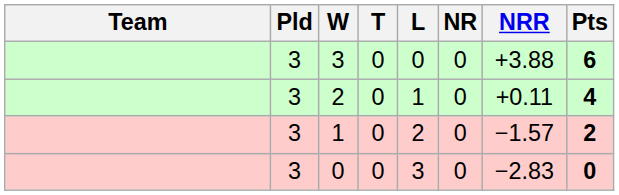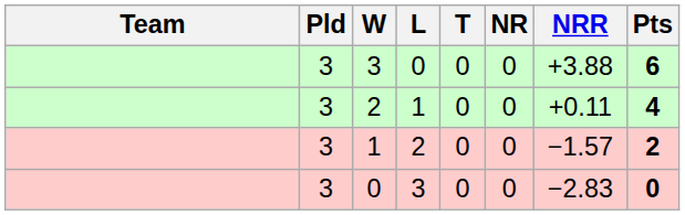 <table class="wikitable" style="text-align:center">
 <tr>
 <th width=175>Team</th>
 <th width=20 abbr="Played">Pld</th>
 <th width=20 abbr="Won">W</th>
+<th width=20 abbr="Lost">L</th>
 <th width=20 abbr="Tied">T</th>
-<th width=20 abbr="Lost">L</th>
 <th width=20 abbr="No result">NR</th>
 <th width=50 abbr="Net run rate"><a href='#'>NRR</a></th>
 <th width=20 abbr="Points">Pts</th>
 </tr>
 <tr bgcolor="#ccffcc">
 <td align="left"></td>
 <td>3</td>
 <td>3</td>
 <td>0</td>
 <td>0</td>
 <td>0</td>
 <td>+3.88</td>
 <td><strong>6</strong></td>
 </tr>
 <tr bgcolor="#ccffcc">
 <td align="left"></td>
 <td>3</td>
 <td>2</td>
+<td>1</td>
 <td>0</td>
-<td>1</td>
 <td>0</td>
 <td>+0.11</td>
 <td><strong>4</strong></td>
 </tr>
 <tr bgcolor="#ffcccc">
 <td align="left"></td>
 <td>3</td>
 <td>1</td>
+<td>2</td>
 <td>0</td>
-<td>2</td>
 <td>0</td>
 <td>−1.57</td>
 <td><strong>2</strong></td>
 </tr>
 <tr bgcolor="#ffcccc">
 <td align="left"></td>
 <td>3</td>
 <td>0</td>
+<td>3</td>
 <td>0</td>
-<td>3</td>
 <td>0</td>
 <td>−2.83</td>
 <td><strong>0</strong></td>
 </tr>
 </table>
